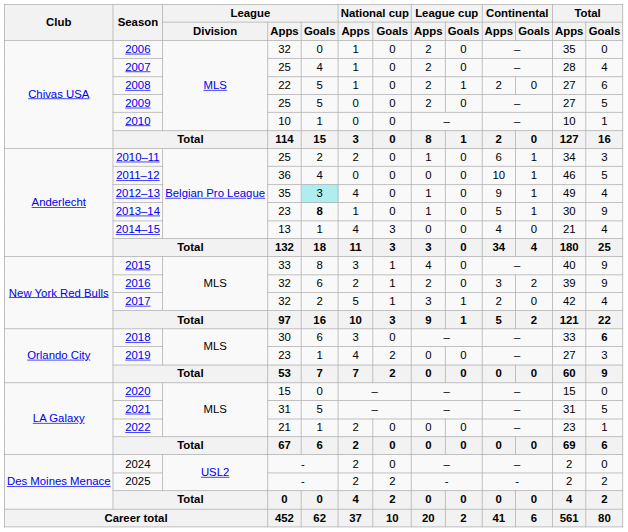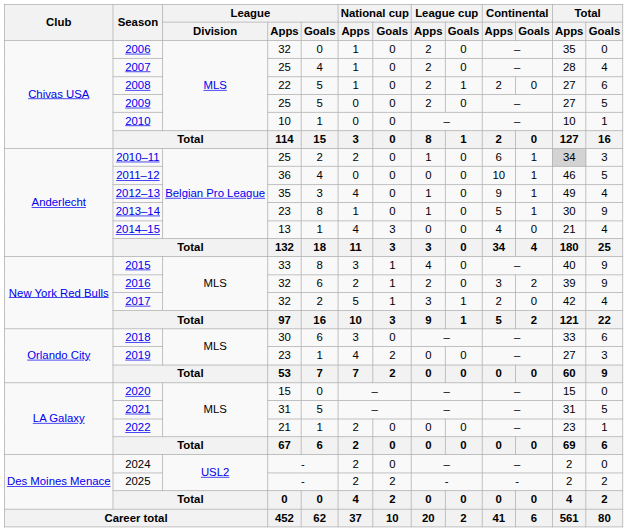 <table class="wikitable" style="text-align:center">
 <tr>
 <th rowspan="2">Club</th>
 <th rowspan="2">Season</th>
 <th colspan="3">League</th>
 <th colspan="2">National  cup</th>
 <th colspan="2">League cup</th>
 <th colspan="2">Continental</th>
 <th colspan="2">Total</th>
 </tr>
 <tr>
 <th>Division</th>
 <th>Apps</th>
 <th>Goals</th>
 <th>Apps</th>
 <th>Goals</th>
 <th>Apps</th>
 <th>Goals</th>
 <th>Apps</th>
 <th>Goals</th>
 <th>Apps</th>
 <th>Goals</th>
 </tr>
 <tr>
 <td rowspan="6"><a href='#'>Chivas USA</a></td>
 <td><a href='#'>2006</a></td>
 <td rowspan="5"><a href='#'>MLS</a></td>
 <td>32</td>
 <td>0</td>
 <td>1</td>
 <td>0</td>
 <td>2</td>
 <td>0</td>
 <td colspan="2">–</td>
 <td>35</td>
 <td>0</td>
 </tr>
 <tr>
 <td><a href='#'>2007</a></td>
 <td>25</td>
 <td>4</td>
 <td>1</td>
 <td>0</td>
 <td>2</td>
 <td>0</td>
 <td colspan="2">–</td>
 <td>28</td>
 <td>4</td>
 </tr>
 <tr>
 <td><a href='#'>2008</a></td>
 <td>22</td>
 <td>5</td>
 <td>1</td>
 <td>0</td>
 <td>2</td>
 <td>1</td>
 <td>2</td>
 <td>0</td>
 <td>27</td>
 <td>6</td>
 </tr>
 <tr>
 <td><a href='#'>2009</a></td>
 <td>25</td>
 <td>5</td>
 <td>0</td>
 <td>0</td>
 <td>2</td>
 <td>0</td>
 <td colspan="2">–</td>
 <td>27</td>
 <td>5</td>
 </tr>
 <tr>
 <td><a href='#'>2010</a></td>
 <td>10</td>
 <td>1</td>
 <td>0</td>
 <td>0</td>
 <td colspan="2">–</td>
 <td colspan="2">–</td>
 <td>10</td>
 <td>1</td>
 </tr>
 <tr>
 <th colspan="2">Total</th>
 <th>114</th>
 <th>15</th>
 <th>3</th>
 <th>0</th>
 <th>8</th>
 <th>1</th>
 <th>2</th>
 <th>0</th>
 <th>127</th>
 <th>16</th>
 </tr>
 <tr>
 <td rowspan="6"><a href='#'>Anderlecht</a></td>
 <td><a href='#'>2010–11</a></td>
 <td rowspan="5"><a href='#'>Belgian Pro League</a></td>
 <td>25</td>
 <td>2</td>
 <td>2</td>
 <td>0</td>
 <td>1</td>
 <td>0</td>
 <td>6</td>
 <td>1</td>
-<td>34</td>
+<td style="background: lightgrey;">34</td>
 <td>3</td>
 </tr>
 <tr>
 <td><a href='#'>2011–12</a></td>
 <td>36</td>
 <td>4</td>
 <td>0</td>
 <td>0</td>
 <td>0</td>
 <td>0</td>
 <td>10</td>
 <td>1</td>
 <td>46</td>
 <td>5</td>
 </tr>
 <tr>
 <td><a href='#'>2012–13</a></td>
 <td>35</td>
-<td style="background: paleturquoise;">3</td>
+<td>3</td>
 <td>4</td>
 <td>0</td>
 <td>1</td>
 <td>0</td>
 <td>9</td>
 <td>1</td>
 <td>49</td>
 <td>4</td>
 </tr>
 <tr>
 <td><a href='#'>2013–14</a></td>
 <td>23</td>
-<td><strong>8</strong></td>
+<td>8</td>
 <td>1</td>
 <td>0</td>
 <td>1</td>
 <td>0</td>
 <td>5</td>
 <td>1</td>
 <td>30</td>
 <td>9</td>
 </tr>
 <tr>
 <td><a href='#'>2014–15</a></td>
 <td>13</td>
 <td>1</td>
 <td>4</td>
 <td>3</td>
 <td>0</td>
 <td>0</td>
 <td>4</td>
 <td>0</td>
 <td>21</td>
 <td>4</td>
 </tr>
 <tr>
 <th colspan="2">Total</th>
 <th>132</th>
 <th>18</th>
 <th>11</th>
 <th>3</th>
 <th>3</th>
 <th>0</th>
 <th>34</th>
 <th>4</th>
 <th>180</th>
 <th>25</th>
 </tr>
 <tr>
 <td rowspan="4"><a href='#'>New York Red Bulls</a></td>
 <td><a href='#'>2015</a></td>
 <td rowspan="3">MLS</td>
 <td>33</td>
 <td>8</td>
 <td>3</td>
 <td>1</td>
 <td>4</td>
 <td>0</td>
 <td colspan="2">–</td>
 <td>40</td>
 <td>9</td>
 </tr>
 <tr>
 <td><a href='#'>2016</a></td>
 <td>32</td>
 <td>6</td>
 <td>2</td>
 <td>1</td>
 <td>2</td>
 <td>0</td>
 <td>3</td>
 <td>2</td>
 <td>39</td>
 <td>9</td>
 </tr>
 <tr>
 <td><a href='#'>2017</a></td>
 <td>32</td>
 <td>2</td>
 <td>5</td>
 <td>1</td>
 <td>3</td>
 <td>1</td>
 <td>2</td>
 <td>0</td>
 <td>42</td>
 <td>4</td>
 </tr>
 <tr>
 <th colspan="2">Total</th>
 <th>97</th>
 <th>16</th>
 <th>10</th>
 <th>3</th>
 <th>9</th>
 <th>1</th>
 <th>5</th>
 <th>2</th>
 <th>121</th>
 <th>22</th>
 </tr>
 <tr>
 <td rowspan="3"><a href='#'>Orlando City</a></td>
 <td><a href='#'>2018</a></td>
 <td rowspan="2">MLS</td>
 <td>30</td>
 <td>6</td>
 <td>3</td>
 <td>0</td>
 <td colspan="2">–</td>
 <td colspan="2">–</td>
 <td>33</td>
-<td><strong>6</strong></td>
+<td>6</td>
 </tr>
 <tr>
 <td><a href='#'>2019</a></td>
 <td>23</td>
 <td>1</td>
 <td>4</td>
 <td>2</td>
 <td>0</td>
 <td>0</td>
 <td colspan="2">–</td>
 <td>27</td>
 <td>3</td>
 </tr>
 <tr>
 <th colspan="2">Total</th>
 <th>53</th>
 <th>7</th>
 <th>7</th>
 <th>2</th>
 <th>0</th>
 <th>0</th>
 <th>0</th>
 <th>0</th>
 <th>60</th>
 <th>9</th>
 </tr>
 <tr>
 <td rowspan="4"><a href='#'>LA Galaxy</a></td>
 <td><a href='#'>2020</a></td>
 <td rowspan="3">MLS</td>
 <td>15</td>
 <td>0</td>
 <td colspan="2">–</td>
 <td colspan="2">–</td>
 <td colspan="2">–</td>
 <td>15</td>
 <td>0</td>
 </tr>
 <tr>
 <td><a href='#'>2021</a></td>
 <td>31</td>
 <td>5</td>
 <td colspan="2">–</td>
 <td colspan="2">–</td>
 <td colspan="2">–</td>
 <td>31</td>
 <td>5</td>
 </tr>
 <tr>
 <td><a href='#'>2022</a></td>
 <td>21</td>
 <td>1</td>
 <td>2</td>
 <td>0</td>
 <td>0</td>
 <td>0</td>
 <td colspan="2">–</td>
 <td>23</td>
 <td>1</td>
 </tr>
 <tr>
 <th colspan="2">Total</th>
 <th>67</th>
 <th>6</th>
 <th>2</th>
 <th>0</th>
 <th>0</th>
 <th>0</th>
 <th>0</th>
 <th>0</th>
 <th>69</th>
 <th>6</th>
 </tr>
 <tr>
 <td rowspan="3"><a href='#'>Des Moines Menace</a></td>
 <td>2024</td>
 <td rowspan="2"><a href='#'>USL2</a></td>
 <td colspan="2">-</td>
 <td>2</td>
 <td>0</td>
 <td colspan="2">–</td>
 <td colspan="2">–</td>
 <td>2</td>
 <td>0</td>
 </tr>
 <tr>
 <td>2025</td>
 <td colspan="2">-</td>
 <td>2</td>
 <td>2</td>
 <td colspan="2">-</td>
 <td colspan="2">-</td>
 <td>2</td>
 <td>2</td>
 </tr>
 <tr>
 <th colspan="2">Total</th>
 <th>0</th>
 <th>0</th>
 <th>4</th>
 <th>2</th>
 <th>0</th>
 <th>0</th>
 <th>0</th>
 <th>0</th>
 <th>4</th>
 <th>2</th>
 </tr>
 <tr>
 <th colspan="3">Career total</th>
 <th>452</th>
 <th>62</th>
 <th>37</th>
 <th>10</th>
 <th>20</th>
 <th>2</th>
 <th>41</th>
 <th>6</th>
 <th>561</th>
 <th>80</th>
 </tr>
 </table>
